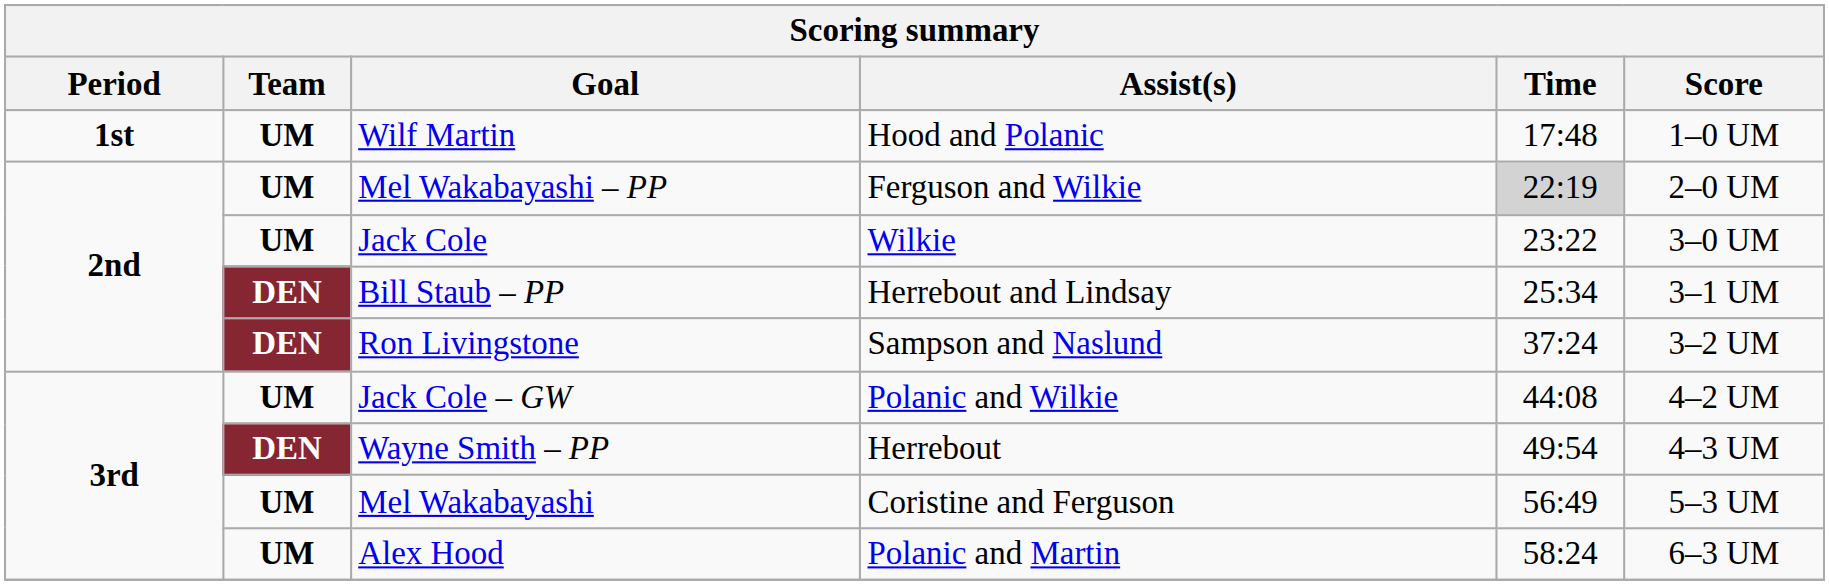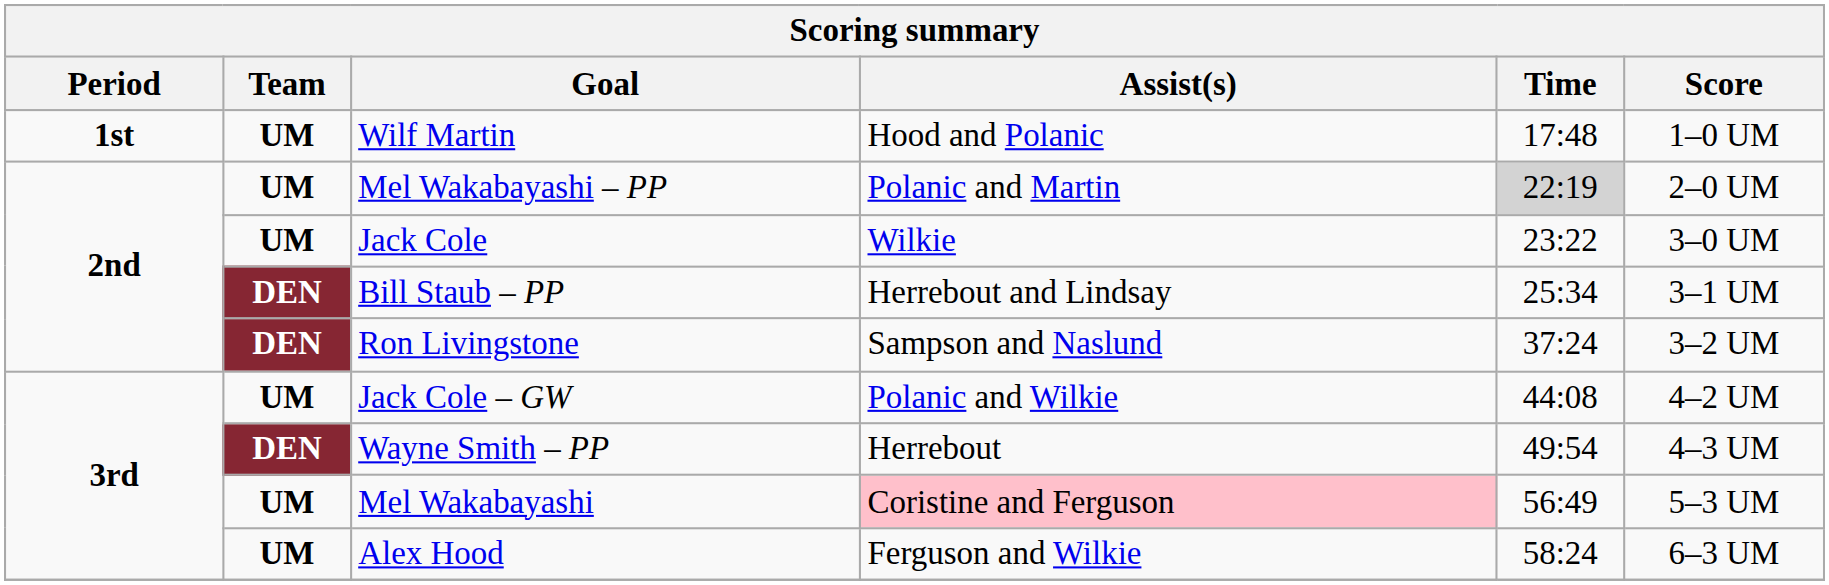 <table style="width:100%;" class="wikitable">
 <tr>
 <th colspan=6>Scoring summary</th>
 </tr>
 <tr>
 <th style="width:12%;">Period</th>
 <th style="width:7%;">Team</th>
 <th style="width:28%;">Goal</th>
 <th style="width:35%;">Assist(s)</th>
 <th style="width:7%;">Time</th>
 <th style="width:11%;">Score</th>
 </tr>
 <tr>
 <td style="text-align:center;" rowspan="1"><strong>1st</strong></td>
 <td align=center><strong>UM</strong></td>
 <td><a href='#'>Wilf Martin</a></td>
 <td>Hood and <a href='#'>Polanic</a></td>
 <td align=center>17:48</td>
 <td align=center>1–0 UM</td>
 </tr>
 <tr>
 <td style="text-align:center;" rowspan="4"><strong>2nd</strong></td>
 <td align=center><strong>UM</strong></td>
 <td><a href='#'>Mel Wakabayashi</a> – <em>PP</em></td>
-<td>Ferguson and <a href='#'>Wilkie</a></td>
+<td><a href='#'>Polanic</a> and <a href='#'>Martin</a></td>
 <td align=center style="background: lightgrey;">22:19</td>
 <td align=center>2–0 UM</td>
 </tr>
 <tr>
 <td align=center><strong>UM</strong></td>
 <td><a href='#'>Jack Cole</a></td>
 <td><a href='#'>Wilkie</a></td>
 <td align=center>23:22</td>
 <td align=center>3–0 UM</td>
 </tr>
 <tr>
 <td align=center style="color:white; background:#862633; "><strong>DEN</strong></td>
 <td><a href='#'>Bill Staub</a> – <em>PP</em></td>
 <td>Herrebout and Lindsay</td>
 <td align=center>25:34</td>
 <td align=center>3–1 UM</td>
 </tr>
 <tr>
 <td align=center style="color:white; background:#862633; "><strong>DEN</strong></td>
 <td><a href='#'>Ron Livingstone</a></td>
 <td>Sampson and <a href='#'>Naslund</a></td>
 <td align=center>37:24</td>
 <td align=center>3–2 UM</td>
 </tr>
 <tr>
 <td style="text-align:center;" rowspan="4"><strong>3rd</strong></td>
 <td align=center><strong>UM</strong></td>
 <td><a href='#'>Jack Cole</a> – <em>GW</em></td>
 <td><a href='#'>Polanic</a> and <a href='#'>Wilkie</a></td>
 <td align=center>44:08</td>
 <td align=center>4–2 UM</td>
 </tr>
 <tr>
 <td align=center style="color:white; background:#862633; "><strong>DEN</strong></td>
 <td><a href='#'>Wayne Smith</a> – <em>PP</em></td>
 <td>Herrebout</td>
 <td align=center>49:54</td>
 <td align=center>4–3 UM</td>
 </tr>
 <tr>
 <td align=center><strong>UM</strong></td>
 <td><a href='#'>Mel Wakabayashi</a></td>
-<td>Coristine and Ferguson</td>
+<td style="background: pink;">Coristine and Ferguson</td>
 <td align=center>56:49</td>
 <td align=center>5–3 UM</td>
 </tr>
 <tr>
 <td align=center><strong>UM</strong></td>
 <td><a href='#'>Alex Hood</a></td>
-<td><a href='#'>Polanic</a> and <a href='#'>Martin</a></td>
+<td>Ferguson and <a href='#'>Wilkie</a></td>
 <td align=center>58:24</td>
 <td align=center>6–3 UM</td>
 </tr>
 <tr>
 </tr>
 </table>
